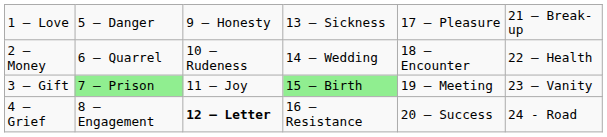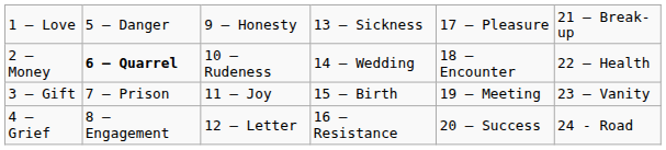 <table class="wikitable">
 <tr>
 <td>1 – Love <br></td>
 <td>5 – Danger <br></td>
 <td>9 – Honesty <br></td>
 <td>13 – Sickness <br></td>
 <td>17 – Pleasure <br></td>
 <td>21 – Break-up <br></td>
 </tr>
 <tr>
 <td>2 – Money <br></td>
-<td>6 – Quarrel <br></td>
+<td><strong>6 – Quarrel <br></strong></td>
 <td>10 – Rudeness <br></td>
 <td>14 – Wedding <br></td>
 <td>18 – Encounter <br></td>
 <td>22 – Health <br></td>
 </tr>
 <tr>
 <td>3 – Gift <br></td>
-<td style="background: lightgreen;">7 – Prison <br></td>
+<td>7 – Prison <br></td>
 <td>11 – Joy <br></td>
-<td style="background: lightgreen;">15 – Birth <br></td>
+<td>15 – Birth <br></td>
 <td>19 – Meeting <br></td>
 <td>23 – Vanity <br></td>
 </tr>
 <tr>
 <td>4 – Grief <br></td>
 <td>8 – Engagement <br></td>
-<td><strong>12 – Letter <br></strong></td>
+<td>12 – Letter <br></td>
 <td>16 – Resistance <br></td>
 <td>20 – Success <br></td>
 <td>24 - Road <br></td>
 </tr>
 </table>
